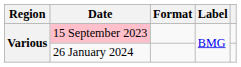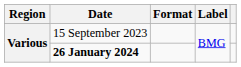 <table class="wikitable plainrowheaders">
 <tr>
 <th scope="col">Region</th>
 <th scope="col">Date</th>
 <th scope="col">Format</th>
 <th scope="col">Label</th>
 <th scope="col"></th>
 </tr>
 <tr>
 <th scope="row" rowspan="2">Various</th>
-<td style="background: pink;">15 September 2023</td>
+<td>15 September 2023</td>
 <td></td>
 <td rowspan="2"><a href='#'>BMG</a></td>
 <td style="text-align:center;"></td>
 </tr>
 <tr>
-<td>26 January 2024</td>
+<td><strong>26 January 2024</strong></td>
 <td></td>
 <td style="text-align:center;"></td>
 </tr>
 </table>
